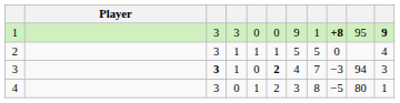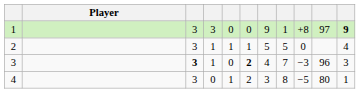 <table class="wikitable" style="text-align:center; margin: 1em auto 1em auto, align:left">
 <tr>
 <th width=20></th>
 <th width=240>Player</th>
 <th width=20></th>
 <th width=20></th>
 <th width=20></th>
 <th width=20></th>
 <th width=20></th>
 <th width=20></th>
 <th width=20></th>
 <th width=30></th>
 <th width=20></th>
 </tr>
 <tr style="background:#D0F0C0;">
 <td>1</td>
 <td align=left></td>
 <td>3</td>
 <td>3</td>
 <td>0</td>
 <td>0</td>
 <td>9</td>
 <td>1</td>
-<td><strong>+8</strong></td>
-<td>95</td>
+<td>+8</td>
+<td>97</td>
 <td><strong>9</strong></td>
 </tr>
 <tr style=>
 <td>2</td>
 <td align=left></td>
 <td>3</td>
 <td>1</td>
 <td>1</td>
 <td>1</td>
 <td>5</td>
 <td>5</td>
 <td>0</td>
 <td></td>
 <td>4</td>
 </tr>
 <tr style=>
 <td>3</td>
 <td align=left></td>
 <td><strong>3</strong></td>
 <td>1</td>
 <td>0</td>
 <td><strong>2</strong></td>
 <td>4</td>
 <td>7</td>
 <td>−3</td>
-<td>94</td>
+<td>96</td>
 <td>3</td>
 </tr>
 <tr style=>
 <td>4</td>
 <td align=left></td>
 <td>3</td>
 <td>0</td>
 <td>1</td>
 <td>2</td>
 <td>3</td>
 <td>8</td>
 <td>−5</td>
 <td>80</td>
 <td>1</td>
 </tr>
 </table>
